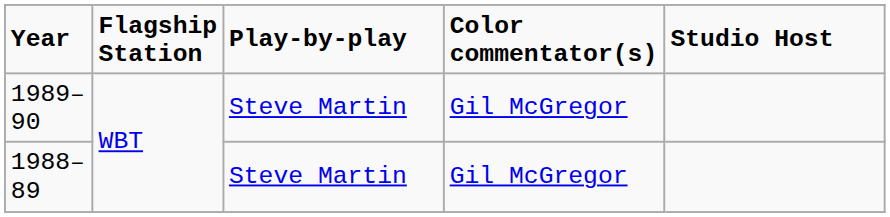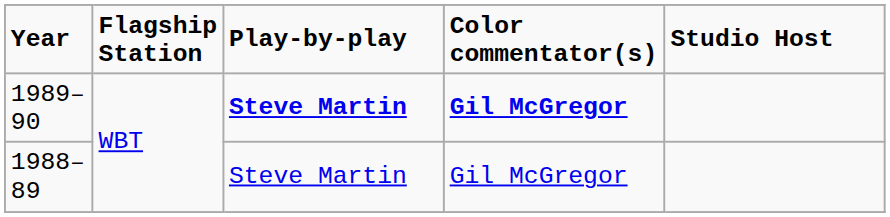 <table class="wikitable">
 <tr>
 <td width="40"><strong>Year</strong></td>
 <td width="40"><strong>Flagship Station</strong></td>
 <td width="110"><strong>Play-by-play</strong></td>
 <td width="110"><strong>Color commentator(s)</strong></td>
 <td width="110"><strong>Studio Host</strong></td>
 </tr>
 <tr>
 <td>1989–90</td>
 <td rowspan=2><a href='#'>WBT</a></td>
-<td><a href='#'>Steve Martin</a></td>
-<td><a href='#'>Gil McGregor</a></td>
+<td><strong><a href='#'>Steve Martin</a></strong></td>
+<td><strong><a href='#'>Gil McGregor</a></strong></td>
 <td></td>
 </tr>
 <tr>
 <td>1988–89</td>
 <td><a href='#'>Steve Martin</a></td>
 <td><a href='#'>Gil McGregor</a></td>
 <td></td>
 </tr>
 </table>
